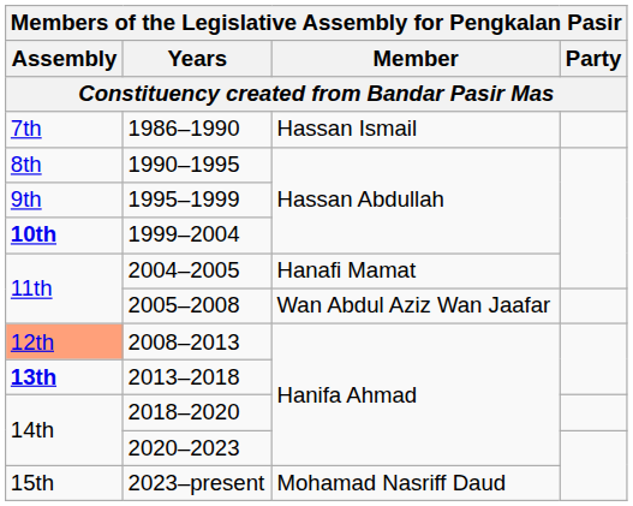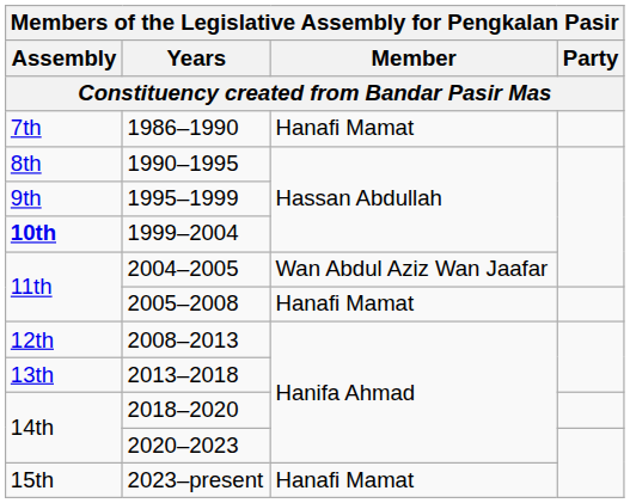 <table class=wikitable>
 <tr>
 <th colspan=4>Members of the Legislative Assembly for Pengkalan Pasir</th>
 </tr>
 <tr>
 <th>Assembly</th>
 <th>Years</th>
 <th>Member</th>
 <th>Party</th>
 </tr>
 <tr>
 <th colspan=4 align=center><em>Constituency created from Bandar Pasir Mas</em></th>
 </tr>
 <tr>
 <td><a href='#'>7th</a></td>
 <td>1986–1990</td>
-<td>Hassan Ismail</td>
+<td>Hanafi Mamat</td>
 <td></td>
 </tr>
 <tr>
 <td><a href='#'>8th</a></td>
 <td>1990–1995</td>
 <td rowspan=3>Hassan Abdullah</td>
 <td rowspan=4></td>
 </tr>
 <tr>
 <td><a href='#'>9th</a></td>
 <td>1995–1999</td>
 </tr>
 <tr>
 <td><strong><a href='#'>10th</a></strong></td>
 <td>1999–2004</td>
 </tr>
 <tr>
 <td rowspan=2><a href='#'>11th</a></td>
 <td>2004–2005</td>
-<td>Hanafi Mamat</td>
+<td>Wan Abdul Aziz Wan Jaafar</td>
 </tr>
 <tr>
 <td>2005–2008</td>
-<td>Wan Abdul Aziz Wan Jaafar</td>
+<td>Hanafi Mamat</td>
 <td></td>
 </tr>
 <tr>
-<td style="background: lightsalmon;"><a href='#'>12th</a></td>
+<td><a href='#'>12th</a></td>
 <td>2008–2013</td>
 <td rowspan="4">Hanifa Ahmad</td>
 <td rowspan="2"></td>
 </tr>
 <tr>
-<td><strong><a href='#'>13th</a></strong></td>
+<td><a href='#'>13th</a></td>
 <td>2013–2018</td>
 </tr>
 <tr>
 <td rowspan="2">14th</td>
 <td>2018–2020</td>
 <td></td>
 </tr>
 <tr>
 <td>2020–2023</td>
 <td rowspan=2></td>
 </tr>
 <tr>
 <td>15th</td>
 <td>2023–present</td>
-<td>Mohamad Nasriff Daud</td>
+<td>Hanafi Mamat</td>
 </tr>
 </table>
